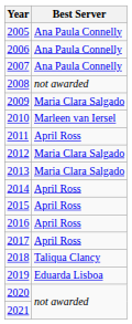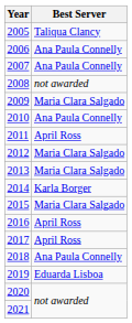 <table class="wikitable sortable" style="display:inline-table;">
 <tr>
 <th>Year</th>
 <th>Best Server</th>
 </tr>
 <tr>
 <td><a href='#'>2005</a></td>
-<td> <a href='#'>Ana Paula Connelly</a> </td>
+<td> <a href='#'>Taliqua Clancy</a></td>
 </tr>
 <tr>
 <td><a href='#'>2006</a></td>
 <td> <a href='#'>Ana Paula Connelly</a> </td>
 </tr>
 <tr>
 <td><a href='#'>2007</a></td>
 <td> <a href='#'>Ana Paula Connelly</a> </td>
 </tr>
 <tr>
 <td><a href='#'>2008</a></td>
 <td><em>not awarded</em></td>
 </tr>
 <tr>
 <td><a href='#'>2009</a></td>
 <td> <a href='#'>Maria Clara Salgado</a> </td>
 </tr>
 <tr>
 <td><a href='#'>2010</a></td>
-<td> <a href='#'>Marleen van Iersel</a></td>
+<td> <a href='#'>Ana Paula Connelly</a> </td>
 </tr>
 <tr>
 <td><a href='#'>2011</a></td>
 <td> <a href='#'>April Ross</a> </td>
 </tr>
 <tr>
 <td><a href='#'>2012</a></td>
 <td> <a href='#'>Maria Clara Salgado</a> </td>
 </tr>
 <tr>
 <td><a href='#'>2013</a></td>
 <td> <a href='#'>Maria Clara Salgado</a> </td>
 </tr>
 <tr>
 <td><a href='#'>2014</a></td>
-<td> <a href='#'>April Ross</a> </td>
+<td> <a href='#'>Karla Borger</a></td>
 </tr>
 <tr>
 <td><a href='#'>2015</a></td>
-<td> <a href='#'>April Ross</a> </td>
+<td> <a href='#'>Maria Clara Salgado</a> </td>
 </tr>
 <tr>
 <td><a href='#'>2016</a></td>
 <td> <a href='#'>April Ross</a> </td>
 </tr>
 <tr>
 <td><a href='#'>2017</a></td>
 <td> <a href='#'>April Ross</a> </td>
 </tr>
 <tr>
 <td><a href='#'>2018</a></td>
-<td> <a href='#'>Taliqua Clancy</a></td>
+<td> <a href='#'>Ana Paula Connelly</a> </td>
 </tr>
 <tr>
 <td><a href='#'>2019</a></td>
 <td> <a href='#'>Eduarda Lisboa</a></td>
 </tr>
 <tr>
 <td><a href='#'>2020</a></td>
 <td rowspan=2><em>not awarded</em></td>
 </tr>
 <tr>
 <td><a href='#'>2021</a></td>
 </tr>
 </table>
